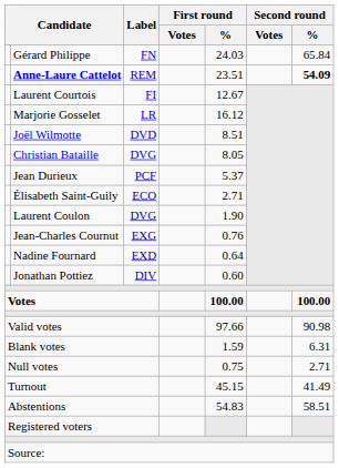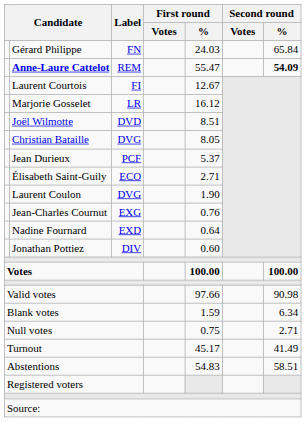 <table class="wikitable" style="text-align:right;font-size:95%;">
 <tr>
 <th rowspan="2" colspan="2">Candidate</th>
 <th rowspan="2">Label</th>
 <th colspan="2">First round</th>
 <th colspan="2">Second round</th>
 </tr>
 <tr>
 <th style="width:50px;">Votes</th>
 <th style="width:45px;">%</th>
 <th style="width:50px;">Votes</th>
 <th style="width:45px;">%</th>
 </tr>
 <tr>
 <td style="color:inherit;background:"></td>
 <td style="text-align:left;">Gérard Philippe</td>
 <td><a href='#'>FN</a></td>
 <td></td>
 <td>24.03</td>
 <td></td>
 <td>65.84</td>
 </tr>
 <tr>
 <td style="color:inherit;background:"></td>
 <td style="text-align:left;"><strong><a href='#'>Anne-Laure Cattelot</a></strong></td>
 <td><a href='#'>REM</a></td>
 <td></td>
-<td>23.51</td>
+<td>55.47</td>
 <td><strong></strong></td>
 <td><strong>54.09</strong></td>
 </tr>
 <tr>
 <td style="color:inherit;background:"></td>
 <td style="text-align:left;">Laurent Courtois</td>
 <td><a href='#'>FI</a></td>
 <td></td>
 <td>12.67</td>
 <td colspan="2" rowspan="10" style="background:#E9E9E9;"></td>
 </tr>
 <tr>
 <td style="color:inherit;background:"></td>
 <td style="text-align:left;">Marjorie Gosselet</td>
 <td><a href='#'>LR</a></td>
 <td></td>
 <td>16.12</td>
 </tr>
 <tr>
 <td style="color:inherit;background:"></td>
 <td style="text-align:left;"><a href='#'>Joël Wilmotte</a></td>
 <td><a href='#'>DVD</a></td>
 <td></td>
 <td>8.51</td>
 </tr>
 <tr>
 <td style="color:inherit;background:"></td>
 <td style="text-align:left;"><a href='#'>Christian Bataille</a></td>
 <td><a href='#'>DVG</a></td>
 <td></td>
 <td>8.05</td>
 </tr>
 <tr>
 <td style="color:inherit;background:"></td>
 <td style="text-align:left;">Jean Durieux</td>
 <td><a href='#'>PCF</a></td>
 <td></td>
 <td>5.37</td>
 </tr>
 <tr>
 <td style="color:inherit;background:"></td>
 <td style="text-align:left;">Élisabeth Saint-Guily</td>
 <td><a href='#'>ECO</a></td>
 <td></td>
 <td>2.71</td>
 </tr>
 <tr>
 <td style="color:inherit;background:"></td>
 <td style="text-align:left;">Laurent Coulon</td>
 <td><a href='#'>DVG</a></td>
 <td></td>
 <td>1.90</td>
 </tr>
 <tr>
 <td style="color:inherit;background:"></td>
 <td style="text-align:left;">Jean-Charles Cournut</td>
 <td><a href='#'>EXG</a></td>
 <td></td>
 <td>0.76</td>
 </tr>
 <tr>
 <td style="color:inherit;background:"></td>
 <td style="text-align:left;">Nadine Fournard</td>
 <td><a href='#'>EXD</a></td>
 <td></td>
 <td>0.64</td>
 </tr>
 <tr>
 <td style="color:inherit;background:"></td>
 <td style="text-align:left;">Jonathan Pottiez</td>
 <td><a href='#'>DIV</a></td>
 <td></td>
 <td>0.60</td>
 </tr>
 <tr>
 <td colspan="7" style="background:#E9E9E9;"></td>
 </tr>
 <tr style="font-weight:bold;">
 <td colspan="3" style="text-align:left;">Votes</td>
 <td></td>
 <td>100.00</td>
 <td></td>
 <td>100.00</td>
 </tr>
 <tr>
 <td colspan="7" style="background:#E9E9E9;"></td>
 </tr>
 <tr>
 <td colspan="3" style="text-align:left;">Valid votes</td>
 <td></td>
 <td>97.66</td>
 <td></td>
 <td>90.98</td>
 </tr>
 <tr>
 <td colspan="3" style="text-align:left;">Blank votes</td>
 <td></td>
 <td>1.59</td>
 <td></td>
-<td>6.31</td>
+<td>6.34</td>
 </tr>
 <tr>
 <td colspan="3" style="text-align:left;">Null votes</td>
 <td></td>
 <td>0.75</td>
 <td></td>
 <td>2.71</td>
 </tr>
 <tr>
 <td colspan="3" style="text-align:left;">Turnout</td>
 <td></td>
-<td>45.15</td>
+<td>45.17</td>
 <td></td>
 <td>41.49</td>
 </tr>
 <tr>
 <td colspan="3" style="text-align:left;">Abstentions</td>
 <td></td>
 <td>54.83</td>
 <td></td>
 <td>58.51</td>
 </tr>
 <tr>
 <td colspan="3" style="text-align:left;">Registered voters</td>
 <td></td>
 <td style="background:#E9E9E9;"></td>
 <td></td>
 <td style="background:#E9E9E9;"></td>
 </tr>
 <tr>
 <td colspan="7" style="background:#E9E9E9;"></td>
 </tr>
 <tr>
 <td colspan="7" style="text-align:left;">Source: </td>
 </tr>
 </table>
